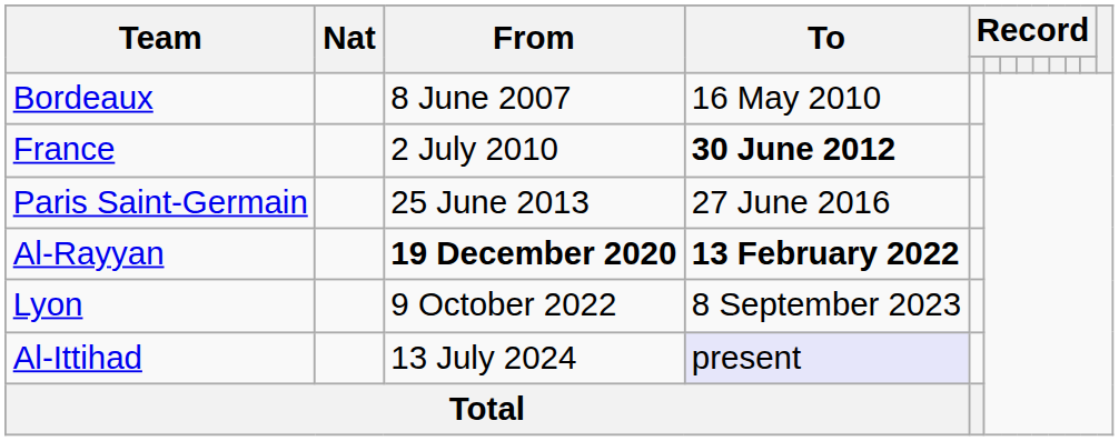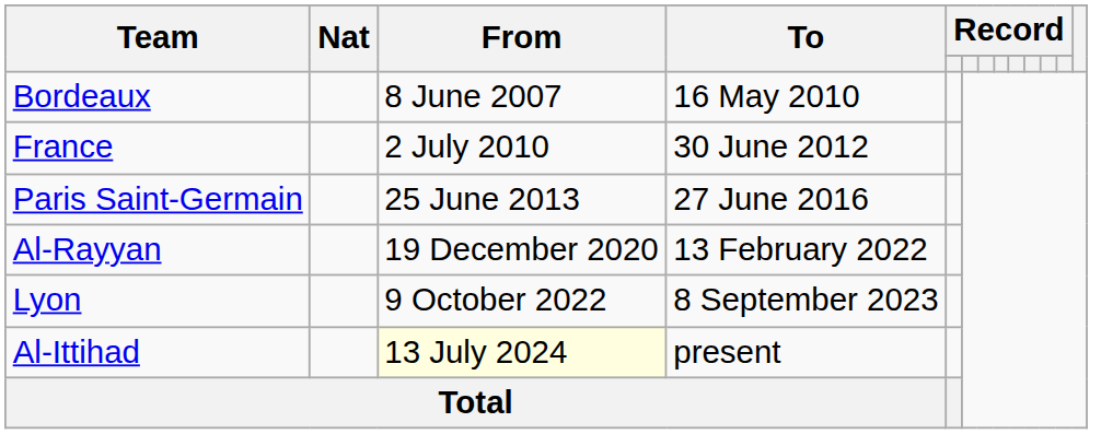 <table class="wikitable" style="text-align:center">
 <tr>
 <th rowspan="2">Team</th>
 <th rowspan="2">Nat</th>
 <th rowspan="2">From</th>
 <th rowspan="2">To</th>
 <th colspan="8">Record</th>
 <th rowspan=2></th>
 </tr>
 <tr>
 <th></th>
 <th></th>
 <th></th>
 <th></th>
 <th></th>
 <th></th>
 <th></th>
 <th></th>
 </tr>
 <tr>
 <td align=left><a href='#'>Bordeaux</a></td>
 <td></td>
 <td align=left>8 June 2007</td>
 <td align=left>16 May 2010<br></td>
 <td></td>
 </tr>
 <tr>
 <td align=left><a href='#'>France</a></td>
 <td></td>
 <td align=left>2 July 2010</td>
-<td align=left><strong>30 June 2012<br></strong></td>
+<td align=left>30 June 2012<br></td>
 <td></td>
 </tr>
 <tr>
 <td align=left><a href='#'>Paris Saint-Germain</a></td>
 <td></td>
 <td align=left>25 June 2013</td>
 <td align=left>27 June 2016<br></td>
 <td></td>
 </tr>
 <tr>
 <td align=left><a href='#'>Al-Rayyan</a></td>
 <td></td>
-<td align=left><strong>19 December 2020</strong></td>
-<td align=left><strong>13 February 2022<br></strong></td>
+<td align=left>19 December 2020</td>
+<td align=left>13 February 2022<br></td>
 <td></td>
 </tr>
 <tr>
 <td align=left><a href='#'>Lyon</a></td>
 <td></td>
 <td align=left>9 October 2022</td>
 <td align=left>8 September 2023<br></td>
 <td></td>
 </tr>
 <tr>
 <td align=left><a href='#'>Al-Ittihad</a></td>
 <td></td>
-<td align=left>13 July 2024</td>
-<td align=left style="background: lavender;">present<br></td>
+<td align=left style="background: lightyellow;">13 July 2024</td>
+<td align=left>present<br></td>
 <td></td>
 </tr>
 <tr>
 <th colspan="4">Total<br></th>
 <th></th>
 </tr>
 </table>
